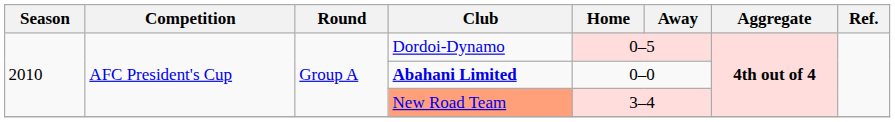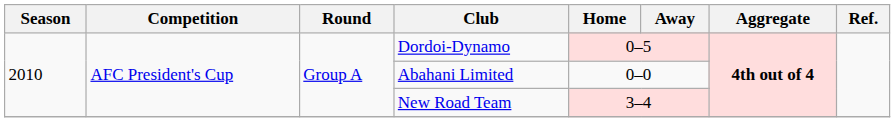 <table class="wikitable" style="font-size:90%; width:85%;" ;>
 <tr>
 <th>Season</th>
 <th>Competition</th>
 <th>Round</th>
 <th>Club</th>
 <th>Home</th>
 <th>Away</th>
 <th>Aggregate</th>
 <th>Ref.</th>
 </tr>
 <tr>
 <td rowspan="3">2010</td>
 <td rowspan="3"><a href='#'>AFC President's Cup</a></td>
 <td rowspan="3"><a href='#'>Group A</a></td>
 <td> <a href='#'>Dordoi-Dynamo</a></td>
 <td colspan=2 style="text-align:center; background:#ffdddd;">0–5</td>
 <td rowspan=3 style="text-align:center; background:#ffdddd;"><strong>4th out of 4</strong></td>
 <td rowspan=3></td>
 </tr>
 <tr>
-<td><strong> <a href='#'>Abahani Limited</a></strong></td>
+<td> <a href='#'>Abahani Limited</a></td>
 <td colspan=2 style="text-align:center">0–0</td>
 </tr>
 <tr>
-<td style="background: lightsalmon;"> <a href='#'>New Road Team</a></td>
+<td> <a href='#'>New Road Team</a></td>
 <td colspan=2 style="text-align:center; background:#ffdddd;">3–4</td>
 </tr>
 <tr>
 </tr>
 </table>
